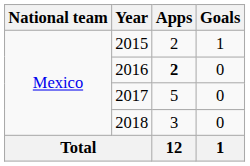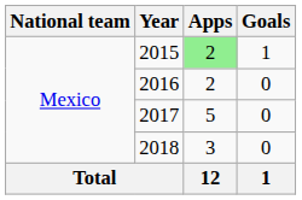 <table class="wikitable" style="text-align: center;">
 <tr>
 <th>National team</th>
 <th>Year</th>
 <th>Apps</th>
 <th>Goals</th>
 </tr>
 <tr>
 <td rowspan="4" valign="center"><a href='#'>Mexico</a></td>
 <td>2015</td>
-<td>2</td>
+<td style="background: lightgreen;">2</td>
 <td>1</td>
 </tr>
 <tr>
 <td>2016</td>
-<td><strong>2</strong></td>
+<td>2</td>
 <td>0</td>
 </tr>
 <tr>
 <td>2017</td>
 <td>5</td>
 <td>0</td>
 </tr>
 <tr>
 <td>2018</td>
 <td>3</td>
 <td>0</td>
 </tr>
 <tr>
 <th colspan="2">Total</th>
 <th>12</th>
 <th>1</th>
 </tr>
 </table>
